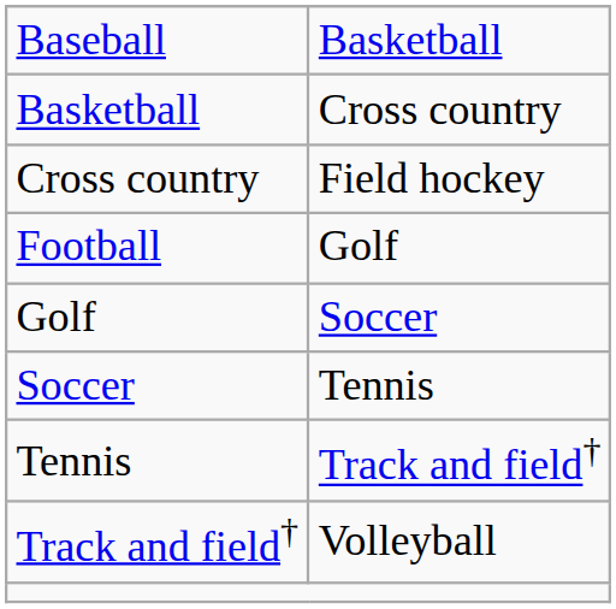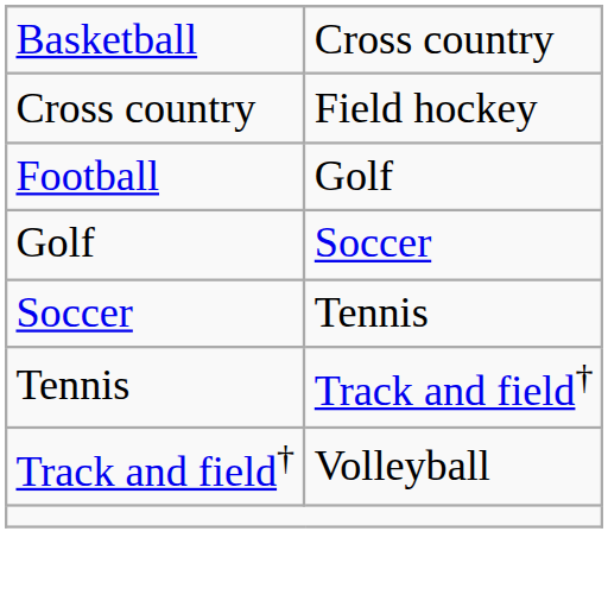 <table class="wikitable" style=" ">
 <tr>
-</tr>
-<tr>
-<td><a href='#'>Baseball</a></td>
-<td><a href='#'>Basketball</a></td>
 </tr>
 <tr>
 <td><a href='#'>Basketball</a></td>
 <td>Cross country</td>
 </tr>
 <tr>
 <td>Cross country</td>
 <td>Field hockey</td>
 </tr>
 <tr>
 <td><a href='#'>Football</a></td>
 <td>Golf</td>
 </tr>
 <tr>
 <td>Golf</td>
 <td><a href='#'>Soccer</a></td>
 </tr>
 <tr>
 <td><a href='#'>Soccer</a></td>
 <td>Tennis</td>
 </tr>
 <tr>
 <td>Tennis</td>
 <td><a href='#'>Track and field</a><sup>†</sup></td>
 </tr>
 <tr>
 <td><a href='#'>Track and field</a><sup>†</sup></td>
 <td>Volleyball</td>
 </tr>
 <tr>
 <td colspan="2"></td>
 </tr>
 </table>
